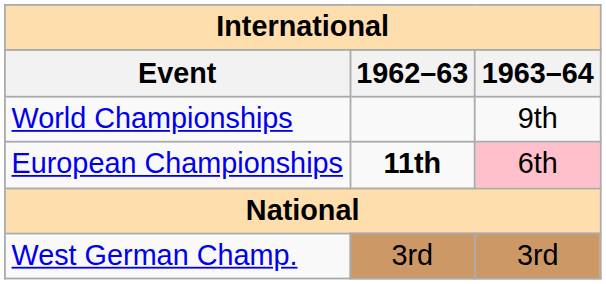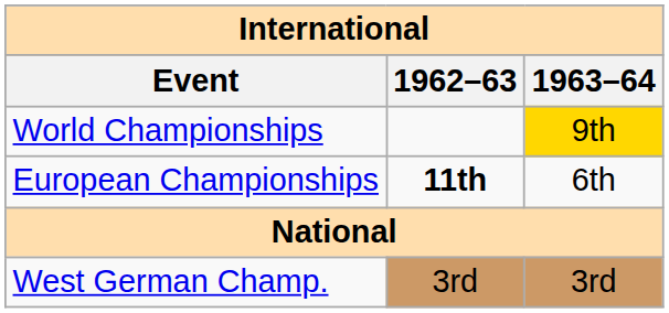 <table class="wikitable" style="text-align:center">
 <tr>
 <th style="background-color: #ffdead; " colspan=3 align=center>International</th>
 </tr>
 <tr>
 <th>Event</th>
 <th>1962–63</th>
 <th>1963–64</th>
 </tr>
 <tr>
 <td align=left><a href='#'>World Championships</a></td>
 <td></td>
-<td>9th</td>
+<td style="background: gold;">9th</td>
 </tr>
 <tr>
 <td align=left><a href='#'>European Championships</a></td>
 <td><strong>11th</strong></td>
-<td style="background: pink;">6th</td>
+<td>6th</td>
 </tr>
 <tr>
 <th style="background-color: #ffdead; " colspan=3 align=center>National</th>
 </tr>
 <tr>
 <td align=left><a href='#'>West German Champ.</a></td>
 <td bgcolor=cc9966>3rd</td>
 <td bgcolor=cc9966>3rd</td>
 </tr>
 </table>
